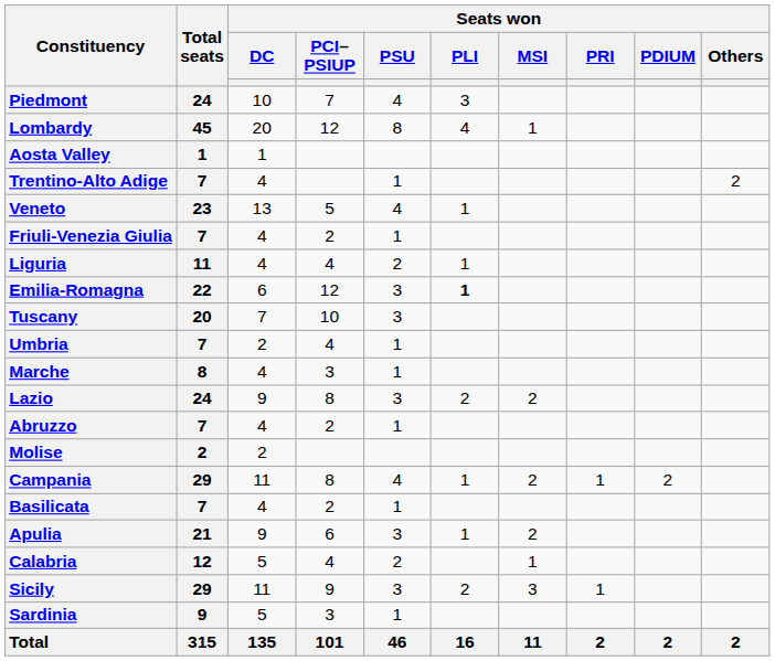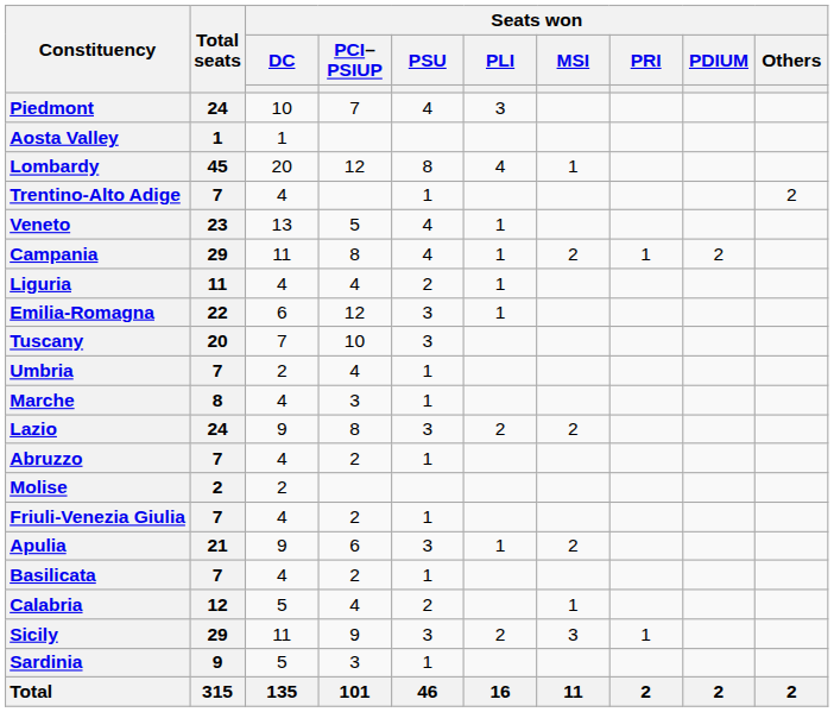 <table class="wikitable" style="text-align:center; font-size: 0.9em">
 <tr>
 <th rowspan="3">Constituency</th>
 <th rowspan="3">Total<br>seats</th>
 <th colspan="8">Seats won</th>
 </tr>
 <tr>
 <th class="unsortable" style="width:50px;"><a href='#'>DC</a></th>
 <th class="unsortable" style="width:50px;"><a href='#'>PCI</a>–<a href='#'>PSIUP</a></th>
 <th class="unsortable" style="width:50px;"><a href='#'>PSU</a></th>
 <th class="unsortable" style="width:50px;"><a href='#'>PLI</a></th>
 <th class="unsortable" style="width:50px;"><a href='#'>MSI</a></th>
 <th class="unsortable" style="width:50px;"><a href='#'>PRI</a></th>
 <th class="unsortable" style="width:50px;"><a href='#'>PDIUM</a></th>
 <th class="unsortable" style="width:50px;">Others</th>
 </tr>
 <tr>
 <th style="background:"></th>
 <th style="background:"></th>
 <th style="background:"></th>
 <th style="background:"></th>
 <th style="background:"></th>
 <th style="background:"></th>
 <th style="background:"></th>
 <th style="background:"></th>
 </tr>
 <tr>
 <th style="text-align: left;"><a href='#'>Piedmont</a></th>
 <th>24</th>
 <td>10</td>
 <td>7</td>
 <td>4</td>
 <td>3</td>
 <td></td>
 <td></td>
 <td></td>
 <td></td>
 </tr>
 <tr>
+<th style="text-align: left;"><a href='#'>Aosta Valley</a></th>
+<th>1</th>
+<td>1</td>
+<td></td>
+<td></td>
+<td></td>
+<td></td>
+<td></td>
+<td></td>
+<td></td>
+</tr>
+<tr>
 <th style="text-align: left;"><a href='#'>Lombardy</a></th>
 <th>45</th>
 <td>20</td>
 <td>12</td>
 <td>8</td>
 <td>4</td>
 <td>1</td>
-<td></td>
-<td></td>
-<td></td>
-</tr>
-<tr>
-<th style="text-align: left;"><a href='#'>Aosta Valley</a></th>
-<th>1</th>
-<td>1</td>
-<td></td>
-<td></td>
-<td></td>
-<td></td>
 <td></td>
 <td></td>
 <td></td>
 </tr>
 <tr>
 <th style="text-align: left;"><a href='#'>Trentino-Alto Adige</a></th>
 <th>7</th>
 <td>4</td>
 <td></td>
 <td>1</td>
 <td></td>
 <td></td>
 <td></td>
 <td></td>
 <td>2</td>
 </tr>
 <tr>
 <th style="text-align: left;"><a href='#'>Veneto</a></th>
 <th>23</th>
 <td>13</td>
 <td>5</td>
 <td>4</td>
 <td>1</td>
 <td></td>
 <td></td>
 <td></td>
 <td></td>
 </tr>
 <tr>
-<th style="text-align: left;"><a href='#'>Friuli-Venezia Giulia</a></th>
-<th>7</th>
+<th style="text-align: left;"><a href='#'>Campania</a></th>
+<th>29</th>
+<td>11</td>
+<td>8</td>
 <td>4</td>
+<td>1</td>
 <td>2</td>
 <td>1</td>
-<td></td>
-<td></td>
-<td></td>
-<td></td>
+<td>2</td>
 <td></td>
 </tr>
 <tr>
 <th style="text-align: left;"><a href='#'>Liguria</a></th>
 <th>11</th>
 <td>4</td>
 <td>4</td>
 <td>2</td>
 <td>1</td>
 <td></td>
 <td></td>
 <td></td>
 <td></td>
 </tr>
 <tr>
 <th style="text-align: left;"><a href='#'>Emilia-Romagna</a></th>
 <th>22</th>
 <td>6</td>
 <td>12</td>
 <td>3</td>
-<td><strong>1</strong></td>
+<td>1</td>
 <td></td>
 <td></td>
 <td></td>
 <td></td>
 </tr>
 <tr>
 <th style="text-align: left;"><a href='#'>Tuscany</a></th>
 <th>20</th>
 <td>7</td>
 <td>10</td>
 <td>3</td>
 <td></td>
 <td></td>
 <td></td>
 <td></td>
 <td></td>
 </tr>
 <tr>
 <th style="text-align: left;"><a href='#'>Umbria</a></th>
 <th>7</th>
 <td>2</td>
 <td>4</td>
 <td>1</td>
 <td></td>
 <td></td>
 <td></td>
 <td></td>
 <td></td>
 </tr>
 <tr>
 <th style="text-align: left;"><a href='#'>Marche</a></th>
 <th>8</th>
 <td>4</td>
 <td>3</td>
 <td>1</td>
 <td></td>
 <td></td>
 <td></td>
 <td></td>
 <td></td>
 </tr>
 <tr>
 <th style="text-align: left;"><a href='#'>Lazio</a></th>
 <th>24</th>
 <td>9</td>
 <td>8</td>
 <td>3</td>
 <td>2</td>
 <td>2</td>
 <td></td>
 <td></td>
 <td></td>
 </tr>
 <tr>
 <th style="text-align: left;"><a href='#'>Abruzzo</a></th>
 <th>7</th>
 <td>4</td>
 <td>2</td>
 <td>1</td>
 <td></td>
 <td></td>
 <td></td>
 <td></td>
 <td></td>
 </tr>
 <tr>
 <th style="text-align: left;"><a href='#'>Molise</a></th>
 <th>2</th>
 <td>2</td>
 <td></td>
 <td></td>
 <td></td>
 <td></td>
 <td></td>
 <td></td>
 <td></td>
 </tr>
 <tr>
-<th style="text-align: left;"><a href='#'>Campania</a></th>
-<th>29</th>
-<td>11</td>
-<td>8</td>
-<td>4</td>
-<td>1</td>
-<td>2</td>
-<td>1</td>
-<td>2</td>
-<td></td>
-</tr>
-<tr>
-<th style="text-align: left;"><a href='#'>Basilicata</a></th>
+<th style="text-align: left;"><a href='#'>Friuli-Venezia Giulia</a></th>
 <th>7</th>
 <td>4</td>
 <td>2</td>
 <td>1</td>
 <td></td>
 <td></td>
 <td></td>
 <td></td>
 <td></td>
 </tr>
 <tr>
 <th style="text-align: left;"><a href='#'>Apulia</a></th>
 <th>21</th>
 <td>9</td>
 <td>6</td>
 <td>3</td>
 <td>1</td>
 <td>2</td>
+<td></td>
+<td></td>
+<td></td>
+</tr>
+<tr>
+<th style="text-align: left;"><a href='#'>Basilicata</a></th>
+<th>7</th>
+<td>4</td>
+<td>2</td>
+<td>1</td>
+<td></td>
+<td></td>
 <td></td>
 <td></td>
 <td></td>
 </tr>
 <tr>
 <th style="text-align: left;"><a href='#'>Calabria</a></th>
 <th>12</th>
 <td>5</td>
 <td>4</td>
 <td>2</td>
 <td></td>
 <td>1</td>
 <td></td>
 <td></td>
 <td></td>
 </tr>
 <tr>
 <th style="text-align: left;"><a href='#'>Sicily</a></th>
 <th>29</th>
 <td>11</td>
 <td>9</td>
 <td>3</td>
 <td>2</td>
 <td>3</td>
 <td>1</td>
 <td></td>
 <td></td>
 </tr>
 <tr>
 <th style="text-align: left;"><a href='#'>Sardinia</a></th>
 <th>9</th>
 <td>5</td>
 <td>3</td>
 <td>1</td>
 <td></td>
 <td></td>
 <td></td>
 <td></td>
 <td></td>
 </tr>
 <tr>
 <th style="text-align: left;">Total</th>
 <th>315</th>
 <th>135</th>
 <th>101</th>
 <th>46</th>
 <th>16</th>
 <th>11</th>
 <th>2</th>
 <th>2</th>
 <th>2</th>
 </tr>
 </table>
